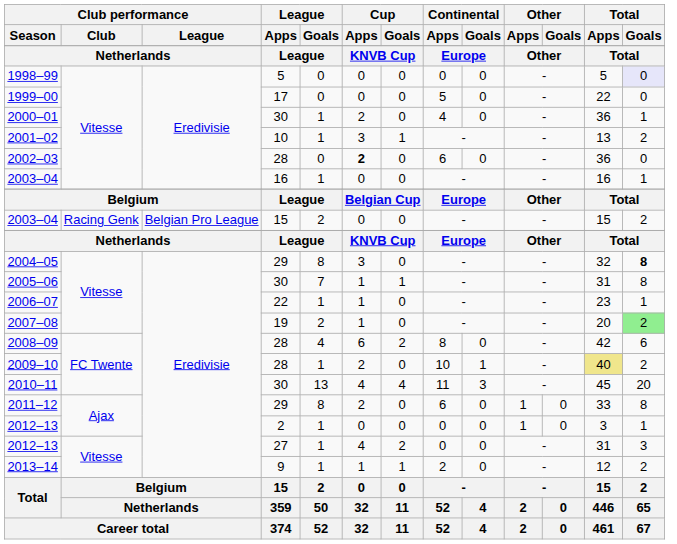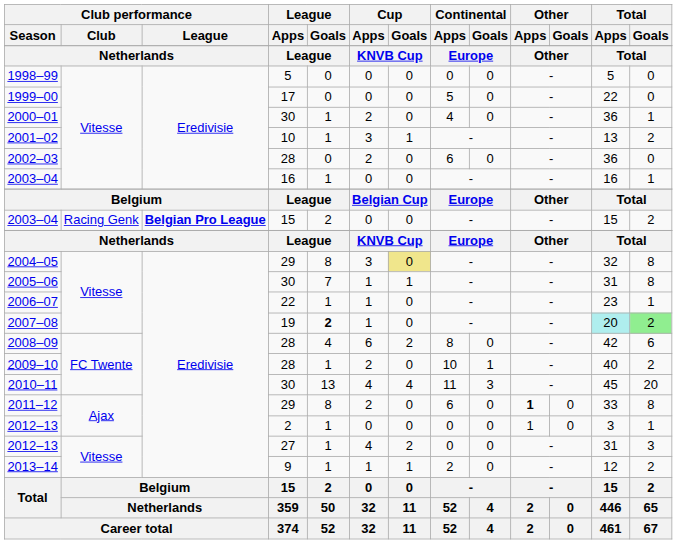 <table class="wikitable" style="text-align:center">
 <tr>
 <th colspan=3>Club performance</th>
 <th colspan=2>League</th>
 <th colspan=2>Cup</th>
 <th colspan=2>Continental</th>
 <th colspan=2>Other</th>
 <th colspan=2>Total</th>
 </tr>
 <tr>
 <th>Season</th>
 <th>Club</th>
 <th>League</th>
 <th>Apps</th>
 <th>Goals</th>
 <th>Apps</th>
 <th>Goals</th>
 <th>Apps</th>
 <th>Goals</th>
 <th>Apps</th>
 <th>Goals</th>
 <th>Apps</th>
 <th>Goals</th>
 </tr>
 <tr>
 </tr>
 <tr>
 <th colspan=3>Netherlands</th>
 <th colspan=2>League</th>
 <th colspan=2><a href='#'>KNVB Cup</a></th>
 <th colspan=2><a href='#'>Europe</a></th>
 <th colspan=2>Other</th>
 <th colspan=2>Total</th>
 </tr>
 <tr>
 <td><a href='#'>1998–99</a></td>
 <td rowspan=6><a href='#'>Vitesse</a></td>
 <td rowspan=6><a href='#'>Eredivisie</a></td>
 <td>5</td>
 <td>0</td>
 <td>0</td>
 <td>0</td>
 <td>0</td>
 <td>0</td>
 <td colspan=2>-</td>
 <td>5</td>
-<td style="background: lavender;">0</td>
+<td>0</td>
 </tr>
 <tr>
 <td><a href='#'>1999–00</a></td>
 <td>17</td>
 <td>0</td>
 <td>0</td>
 <td>0</td>
 <td>5</td>
 <td>0</td>
 <td colspan=2>-</td>
 <td>22</td>
 <td>0</td>
 </tr>
 <tr>
 <td><a href='#'>2000–01</a></td>
 <td>30</td>
 <td>1</td>
 <td>2</td>
 <td>0</td>
 <td>4</td>
 <td>0</td>
 <td colspan=2>-</td>
 <td>36</td>
 <td>1</td>
 </tr>
 <tr>
 <td><a href='#'>2001–02</a></td>
 <td>10</td>
 <td>1</td>
 <td>3</td>
 <td>1</td>
 <td colspan=2>-</td>
 <td colspan=2>-</td>
 <td>13</td>
 <td>2</td>
 </tr>
 <tr>
 <td><a href='#'>2002–03</a></td>
 <td>28</td>
 <td>0</td>
-<td><strong>2</strong></td>
+<td>2</td>
 <td>0</td>
 <td>6</td>
 <td>0</td>
 <td colspan=2>-</td>
 <td>36</td>
 <td>0</td>
 </tr>
 <tr>
 <td><a href='#'>2003–04</a></td>
 <td>16</td>
 <td>1</td>
 <td>0</td>
 <td>0</td>
 <td colspan=2>-</td>
 <td colspan=2>-</td>
 <td>16</td>
 <td>1</td>
 </tr>
 <tr>
 </tr>
 <tr>
 <th colspan=3>Belgium</th>
 <th colspan=2>League</th>
 <th colspan=2><a href='#'>Belgian Cup</a></th>
 <th colspan=2><a href='#'>Europe</a></th>
 <th colspan=2>Other</th>
 <th colspan=2>Total</th>
 </tr>
 <tr>
 <td><a href='#'>2003–04</a></td>
 <td rowspan=1><a href='#'>Racing Genk</a></td>
-<td rowspan=1><a href='#'>Belgian Pro League</a></td>
+<td rowspan=1><strong><a href='#'>Belgian Pro League</a></strong></td>
 <td>15</td>
 <td>2</td>
 <td>0</td>
 <td>0</td>
 <td colspan=2>-</td>
 <td colspan=2>-</td>
 <td>15</td>
 <td>2</td>
 </tr>
 <tr>
 </tr>
 <tr>
 <th colspan=3>Netherlands</th>
 <th colspan=2>League</th>
 <th colspan=2><a href='#'>KNVB Cup</a></th>
 <th colspan=2><a href='#'>Europe</a></th>
 <th colspan=2>Other</th>
 <th colspan=2>Total</th>
 </tr>
 <tr>
 <td><a href='#'>2004–05</a></td>
 <td rowspan=4><a href='#'>Vitesse</a></td>
 <td rowspan=11><a href='#'>Eredivisie</a></td>
 <td>29</td>
 <td>8</td>
 <td>3</td>
-<td>0</td>
+<td style="background: khaki;">0</td>
 <td colspan=2>-</td>
 <td colspan=2>-</td>
 <td>32</td>
-<td><strong>8</strong></td>
+<td>8</td>
 </tr>
 <tr>
 <td><a href='#'>2005–06</a></td>
 <td>30</td>
 <td>7</td>
 <td>1</td>
 <td>1</td>
 <td colspan=2>-</td>
 <td colspan=2>-</td>
 <td>31</td>
 <td>8</td>
 </tr>
 <tr>
 <td><a href='#'>2006–07</a></td>
 <td>22</td>
 <td>1</td>
 <td>1</td>
 <td>0</td>
 <td colspan=2>-</td>
 <td colspan=2>-</td>
 <td>23</td>
 <td>1</td>
 </tr>
 <tr>
 <td><a href='#'>2007–08</a></td>
 <td>19</td>
-<td>2</td>
+<td><strong>2</strong></td>
 <td>1</td>
 <td>0</td>
 <td colspan=2>-</td>
 <td colspan=2>-</td>
-<td>20</td>
+<td style="background: paleturquoise;">20</td>
 <td style="background: lightgreen;">2</td>
 </tr>
 <tr>
 <td><a href='#'>2008–09</a></td>
 <td rowspan=3><a href='#'>FC Twente</a></td>
 <td>28</td>
 <td>4</td>
 <td>6</td>
 <td>2</td>
 <td>8</td>
 <td>0</td>
 <td colspan=2>-</td>
 <td>42</td>
 <td>6</td>
 </tr>
 <tr>
 <td><a href='#'>2009–10</a></td>
 <td>28</td>
 <td>1</td>
 <td>2</td>
 <td>0</td>
 <td>10</td>
 <td>1</td>
 <td colspan=2>-</td>
-<td style="background: khaki;">40</td>
+<td>40</td>
 <td>2</td>
 </tr>
 <tr>
 <td><a href='#'>2010–11</a></td>
 <td>30</td>
 <td>13</td>
 <td>4</td>
 <td>4</td>
 <td>11</td>
 <td>3</td>
 <td colspan=2>-</td>
 <td>45</td>
 <td>20</td>
 </tr>
 <tr>
 <td><a href='#'>2011–12</a></td>
 <td rowspan=2><a href='#'>Ajax</a></td>
 <td>29</td>
 <td>8</td>
 <td>2</td>
 <td>0</td>
 <td>6</td>
 <td>0</td>
-<td>1</td>
+<td><strong>1</strong></td>
 <td>0</td>
 <td>33</td>
 <td>8</td>
 </tr>
 <tr>
 <td><a href='#'>2012–13</a></td>
 <td>2</td>
 <td>1</td>
 <td>0</td>
 <td>0</td>
 <td>0</td>
 <td>0</td>
 <td>1</td>
 <td>0</td>
 <td>3</td>
 <td>1</td>
 </tr>
 <tr>
 <td><a href='#'>2012–13</a></td>
 <td rowspan=2><a href='#'>Vitesse</a></td>
 <td>27</td>
 <td>1</td>
 <td>4</td>
 <td>2</td>
 <td>0</td>
 <td>0</td>
 <td colspan=2>-</td>
 <td>31</td>
 <td>3</td>
 </tr>
 <tr>
 <td><a href='#'>2013–14</a></td>
 <td>9</td>
 <td>1</td>
 <td>1</td>
 <td>1</td>
 <td>2</td>
 <td>0</td>
 <td colspan=2>-</td>
 <td>12</td>
 <td>2</td>
 </tr>
 <tr>
 <th rowspan=2>Total</th>
 <th colspan=2>Belgium</th>
 <th>15</th>
 <th>2</th>
 <th>0</th>
 <th>0</th>
 <th colspan=2>-</th>
 <th colspan=2>-</th>
 <th>15</th>
 <th>2</th>
 </tr>
 <tr>
 <th colspan=2>Netherlands</th>
 <th>359</th>
 <th>50</th>
 <th>32</th>
 <th>11</th>
 <th>52</th>
 <th>4</th>
 <th>2</th>
 <th>0</th>
 <th>446</th>
 <th>65</th>
 </tr>
 <tr>
 <th colspan=3>Career total</th>
 <th>374</th>
 <th>52</th>
 <th>32</th>
 <th>11</th>
 <th>52</th>
 <th>4</th>
 <th>2</th>
 <th>0</th>
 <th>461</th>
 <th>67</th>
 </tr>
 </table>
